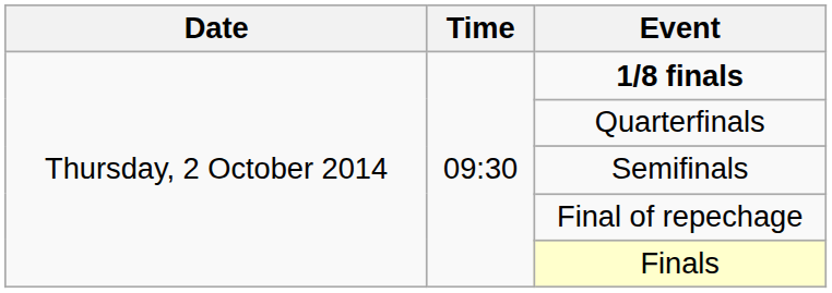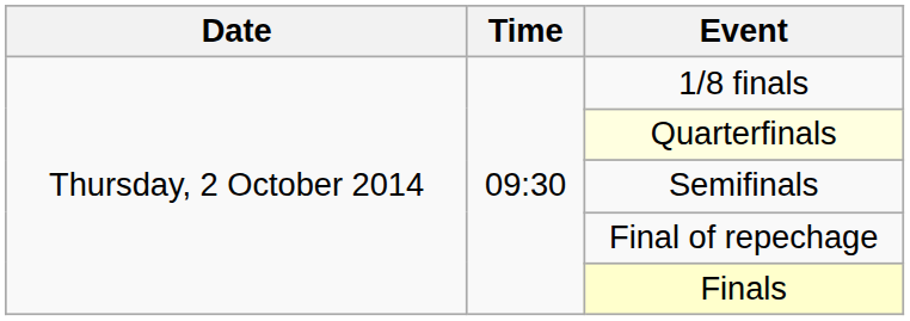 <table class = "wikitable" style="text-align:center;">
 <tr>
 <th width=220>Date</th>
 <th width=50>Time</th>
 <th width=150>Event</th>
 </tr>
 <tr>
 <td rowspan=5>Thursday, 2 October 2014</td>
 <td rowspan=5>09:30</td>
-<td><strong>1/8 finals</strong></td>
+<td>1/8 finals</td>
 </tr>
 <tr>
-<td>Quarterfinals</td>
+<td style="background: lightyellow;">Quarterfinals</td>
 </tr>
 <tr>
 <td>Semifinals</td>
 </tr>
 <tr>
 <td>Final of repechage</td>
 </tr>
 <tr>
 <td bgcolor=ffffcc>Finals</td>
 </tr>
 </table>
